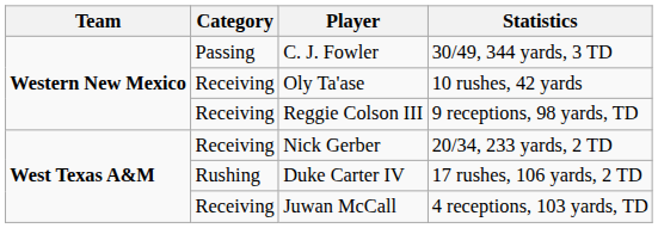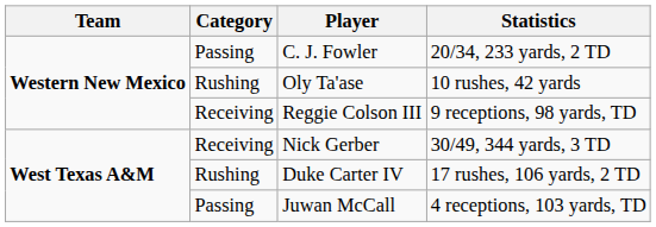 <table class="wikitable" style="float: left;">
 <tr>
 <th>Team</th>
 <th>Category</th>
 <th>Player</th>
 <th>Statistics</th>
 </tr>
 <tr>
 <td rowspan=3><strong>Western New Mexico</strong></td>
 <td>Passing</td>
 <td>C. J. Fowler</td>
-<td>30/49, 344 yards, 3 TD</td>
+<td>20/34, 233 yards, 2 TD</td>
 </tr>
 <tr>
-<td>Receiving</td>
+<td>Rushing</td>
 <td>Oly Ta'ase</td>
 <td>10 rushes, 42 yards</td>
 </tr>
 <tr>
 <td>Receiving</td>
 <td>Reggie Colson III</td>
 <td>9 receptions, 98 yards, TD</td>
 </tr>
 <tr>
 <td rowspan=3><strong>West Texas A&M</strong></td>
 <td>Receiving</td>
 <td>Nick Gerber</td>
-<td>20/34, 233 yards, 2 TD</td>
+<td>30/49, 344 yards, 3 TD</td>
 </tr>
 <tr>
 <td>Rushing</td>
 <td>Duke Carter IV</td>
 <td>17 rushes, 106 yards, 2 TD</td>
 </tr>
 <tr>
-<td>Receiving</td>
+<td>Passing</td>
 <td>Juwan McCall</td>
 <td>4 receptions, 103 yards, TD</td>
 </tr>
 </table>
